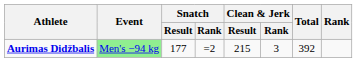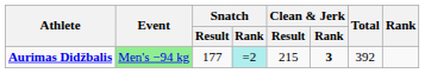 <table class="wikitable" style="font-size:90%">
 <tr>
 <th rowspan="2">Athlete</th>
 <th rowspan="2">Event</th>
 <th colspan="2">Snatch</th>
 <th colspan="2">Clean & Jerk</th>
 <th rowspan="2">Total</th>
 <th rowspan="2">Rank</th>
 </tr>
 <tr style="font-size:95%">
 <th>Result</th>
 <th>Rank</th>
 <th>Result</th>
 <th>Rank</th>
 </tr>
 <tr align=center>
 <td align=left><strong><a href='#'>Aurimas Didžbalis</a></strong></td>
 <td align=left style="background: lightgreen;"><a href='#'>Men's −94 kg</a></td>
 <td>177</td>
-<td>=2</td>
+<td style="background: paleturquoise;">=2</td>
 <td>215</td>
-<td>3</td>
+<td><strong>3</strong></td>
 <td>392</td>
 <td></td>
 </tr>
 </table>
